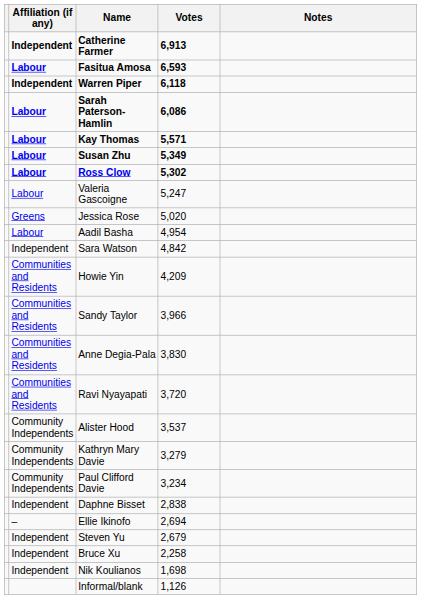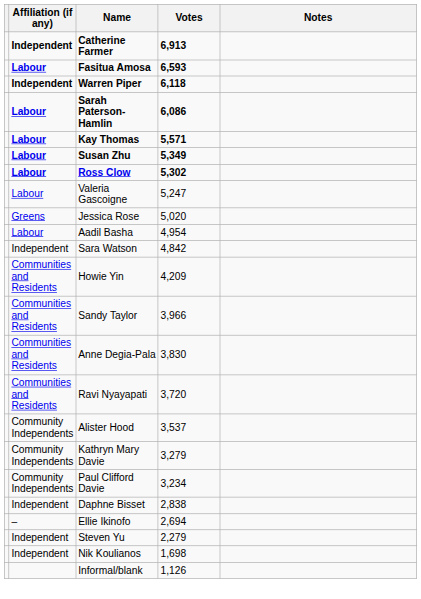 <table class="wikitable" style="width:51%;">
 <tr>
 <th style="width:1%;"></th>
 <th style="width:15%;">Affiliation (if any)</th>
 <th style="width:20%;">Name</th>
 <th style="width:15%;">Votes</th>
 <th>Notes</th>
 </tr>
 <tr>
 <td bgcolor=></td>
 <td><strong>Independent</strong></td>
 <td><strong>Catherine Farmer</strong></td>
 <td><strong>6,913</strong></td>
 <td></td>
 </tr>
 <tr>
 <td bgcolor=></td>
 <td><strong><a href='#'>Labour</a></strong></td>
 <td><strong>Fasitua Amosa</strong></td>
 <td><strong>6,593</strong></td>
 <td></td>
 </tr>
 <tr>
 <td bgcolor=></td>
 <td><strong>Independent</strong></td>
 <td><strong>Warren Piper</strong></td>
 <td><strong>6,118</strong></td>
 <td></td>
 </tr>
 <tr>
 <td bgcolor=></td>
 <td><strong><a href='#'>Labour</a></strong></td>
 <td><strong>Sarah Paterson-Hamlin</strong></td>
 <td><strong>6,086</strong></td>
 <td></td>
 </tr>
 <tr>
 <td bgcolor=></td>
 <td><strong><a href='#'>Labour</a></strong></td>
 <td><strong>Kay Thomas</strong></td>
 <td><strong>5,571</strong></td>
 <td></td>
 </tr>
 <tr>
 <td></td>
 <td><strong><a href='#'>Labour</a></strong></td>
 <td><strong>Susan Zhu</strong></td>
 <td><strong>5,349</strong></td>
 <td></td>
 </tr>
 <tr>
 <td></td>
 <td><strong><a href='#'>Labour</a></strong></td>
 <td><strong><a href='#'>Ross Clow</a></strong></td>
 <td><strong>5,302</strong></td>
 <td></td>
 </tr>
 <tr>
 <td bgcolor=></td>
 <td><a href='#'>Labour</a></td>
 <td>Valeria Gascoigne</td>
 <td>5,247</td>
 <td></td>
 </tr>
 <tr>
 <td></td>
 <td><a href='#'>Greens</a></td>
 <td>Jessica Rose</td>
 <td>5,020</td>
 <td></td>
 </tr>
 <tr>
 <td bgcolor=></td>
 <td><a href='#'>Labour</a></td>
 <td>Aadil Basha</td>
 <td>4,954</td>
 <td></td>
 </tr>
 <tr>
 <td></td>
 <td>Independent</td>
 <td>Sara Watson</td>
 <td>4,842</td>
 <td></td>
 </tr>
 <tr>
 <td bgcolor=></td>
 <td><a href='#'>Communities and Residents</a></td>
 <td>Howie Yin</td>
 <td>4,209</td>
 <td></td>
 </tr>
 <tr>
 <td bgcolor=></td>
 <td><a href='#'>Communities and Residents</a></td>
 <td>Sandy Taylor</td>
 <td>3,966</td>
 <td></td>
 </tr>
 <tr>
 <td bgcolor=></td>
 <td><a href='#'>Communities and Residents</a></td>
 <td>Anne Degia-Pala</td>
 <td>3,830</td>
 <td></td>
 </tr>
 <tr>
 <td bgcolor=></td>
 <td><a href='#'>Communities and Residents</a></td>
 <td>Ravi Nyayapati</td>
 <td>3,720</td>
 <td></td>
 </tr>
 <tr>
 <td bgcolor=></td>
 <td>Community Independents</td>
 <td>Alister Hood</td>
 <td>3,537</td>
 <td></td>
 </tr>
 <tr>
 <td bgcolor=></td>
 <td>Community Independents</td>
 <td>Kathryn Mary Davie</td>
 <td>3,279</td>
 <td></td>
 </tr>
 <tr>
 <td bgcolor=></td>
 <td>Community Independents</td>
 <td>Paul Clifford Davie</td>
 <td>3,234</td>
 <td></td>
 </tr>
 <tr>
 <td bgcolor=></td>
 <td>Independent</td>
 <td>Daphne Bisset</td>
 <td>2,838</td>
 <td></td>
 </tr>
 <tr>
 <td></td>
 <td>–</td>
 <td>Ellie Ikinofo</td>
 <td>2,694</td>
 <td></td>
 </tr>
 <tr>
 <td></td>
 <td>Independent</td>
 <td>Steven Yu</td>
-<td>2,679</td>
-<td></td>
-</tr>
-<tr>
-<td bgcolor=></td>
-<td>Independent</td>
-<td>Bruce Xu</td>
-<td>2,258</td>
+<td>2,279</td>
 <td></td>
 </tr>
 <tr>
 <td bgcolor=></td>
 <td>Independent</td>
 <td>Nik Koulianos</td>
 <td>1,698</td>
 <td></td>
 </tr>
 <tr>
 <td></td>
 <td></td>
 <td>Informal/blank</td>
 <td>1,126</td>
 <td></td>
 </tr>
 </table>
